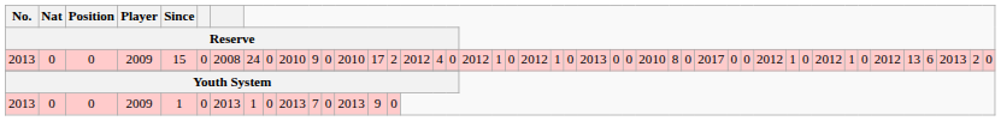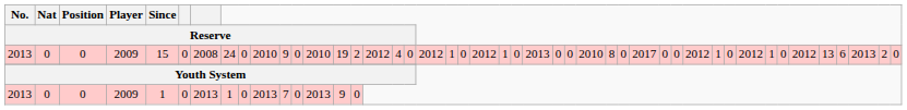 <table class="wikitable sortable" style="width:89%; text-align:center; font-size:90%; text-align:centre;">
 <tr>
 <th width=20>No.</th>
 <th width=5>Nat</th>
 <th width=30>Position</th>
 <th width=40>Player</th>
 <th width=30>Since</th>
 <th width=30></th>
 <th width=30></th>
 </tr>
 <tr align="left" style="background:#DCDCDC">
 <th colspan="18">Reserve</th>
 </tr>
 <tr align="center" style="background:#FFCBCB">
 <td>2013</td>
 <td>0</td>
 <td>0<br></td>
 <td>2009</td>
 <td>15</td>
 <td>0<br></td>
 <td>2008</td>
 <td>24</td>
 <td>0<br> </td>
 <td>2010</td>
 <td>9</td>
 <td>0<br></td>
 <td>2010</td>
-<td>17</td>
+<td>19</td>
 <td>2<br></td>
 <td>2012</td>
 <td>4</td>
 <td>0<br></td>
 <td>2012</td>
 <td>1</td>
 <td>0<br></td>
 <td>2012</td>
 <td>1</td>
 <td>0<br></td>
 <td>2013</td>
 <td>0</td>
 <td>0<br></td>
 <td>2010</td>
 <td>8</td>
 <td>0<br></td>
 <td>2017</td>
 <td>0</td>
 <td>0<br></td>
 <td>2012</td>
 <td>1</td>
 <td>0<br></td>
 <td>2012</td>
 <td>1</td>
 <td>0<br></td>
 <td>2012</td>
 <td>13</td>
 <td>6<br></td>
 <td>2013</td>
 <td>2</td>
 <td>0</td>
 </tr>
 <tr>
 </tr>
 <tr align="left" style="background:#DCDCDC">
 <th colspan="18">Youth System</th>
 </tr>
 <tr align="center" style="background:#FFCBCB">
 <td>2013</td>
 <td>0</td>
 <td>0<br></td>
 <td>2009</td>
 <td>1</td>
 <td>0<br></td>
 <td>2013</td>
 <td>1</td>
 <td>0<br></td>
 <td>2013</td>
 <td>7</td>
 <td>0<br></td>
 <td>2013</td>
 <td>9</td>
 <td>0</td>
 </tr>
 </table>
